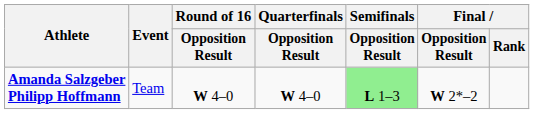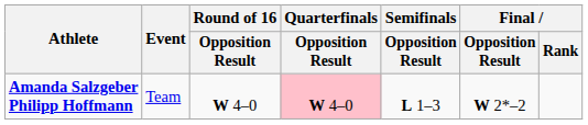 <table class="wikitable" style="font-size:90%">
 <tr>
 <th rowspan="2">Athlete</th>
 <th rowspan="2">Event</th>
 <th>Round of 16</th>
 <th>Quarterfinals</th>
 <th>Semifinals</th>
 <th colspan=2>Final / </th>
 </tr>
 <tr style="font-size:95%">
 <th>Opposition<br>Result</th>
 <th>Opposition<br>Result</th>
 <th>Opposition<br>Result</th>
 <th>Opposition<br>Result</th>
 <th>Rank</th>
 </tr>
 <tr align=center>
 <td align=left><strong><a href='#'>Amanda Salzgeber</a><br><a href='#'>Philipp Hoffmann</a></strong></td>
 <td align=left><a href='#'>Team</a></td>
 <td><br><strong>W</strong> 4–0</td>
-<td><br><strong>W</strong> 4–0</td>
-<td style="background: lightgreen;"><br><strong>L</strong> 1–3</td>
+<td style="background: pink;"><br><strong>W</strong> 4–0</td>
+<td><br><strong>L</strong> 1–3</td>
 <td><br><strong>W</strong> 2*–2</td>
 <td></td>
 </tr>
 </table>
